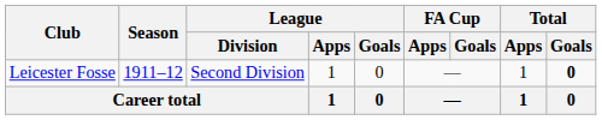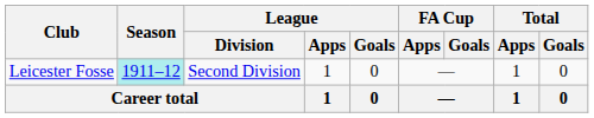 <table class="wikitable" style="text-align: center;">
 <tr>
 <th rowspan="2">Club</th>
 <th rowspan="2">Season</th>
 <th colspan="3">League</th>
 <th colspan="2">FA Cup</th>
 <th colspan="2">Total</th>
 </tr>
 <tr>
 <th>Division</th>
 <th>Apps</th>
 <th>Goals</th>
 <th>Apps</th>
 <th>Goals</th>
 <th>Apps</th>
 <th>Goals</th>
 </tr>
 <tr>
 <td><a href='#'>Leicester Fosse</a></td>
-<td><a href='#'>1911–12</a></td>
+<td style="background: paleturquoise;"><a href='#'>1911–12</a></td>
 <td><a href='#'>Second Division</a></td>
 <td>1</td>
 <td>0</td>
 <td colspan="2">—</td>
 <td>1</td>
-<td><strong>0</strong></td>
+<td>0</td>
 </tr>
 <tr>
 <th colspan="3">Career total</th>
 <th>1</th>
 <th>0</th>
 <th colspan="2">—</th>
 <th>1</th>
 <th>0</th>
 </tr>
 </table>
